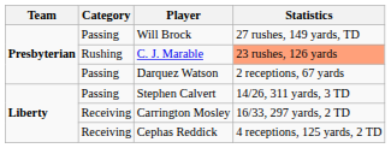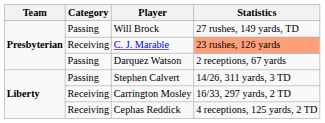 <table class="wikitable" style="float: left;">
 <tr>
 <th>Team</th>
 <th>Category</th>
 <th>Player</th>
 <th>Statistics</th>
 </tr>
 <tr>
 <td rowspan=3><strong>Presbyterian</strong></td>
 <td>Passing</td>
 <td>Will Brock</td>
 <td>27 rushes, 149 yards, TD</td>
 </tr>
 <tr>
-<td>Rushing</td>
+<td>Receiving</td>
 <td><a href='#'>C. J. Marable</a></td>
 <td style="background: lightsalmon;">23 rushes, 126 yards</td>
 </tr>
 <tr>
 <td>Passing</td>
 <td>Darquez Watson</td>
 <td>2 receptions, 67 yards</td>
 </tr>
 <tr>
 <td rowspan=3><strong>Liberty</strong></td>
 <td>Passing</td>
 <td>Stephen Calvert</td>
 <td>14/26, 311 yards, 3 TD</td>
 </tr>
 <tr>
 <td>Receiving</td>
 <td>Carrington Mosley</td>
 <td>16/33, 297 yards, 2 TD</td>
 </tr>
 <tr>
 <td>Receiving</td>
 <td>Cephas Reddick</td>
 <td>4 receptions, 125 yards, 2 TD</td>
 </tr>
 </table>
